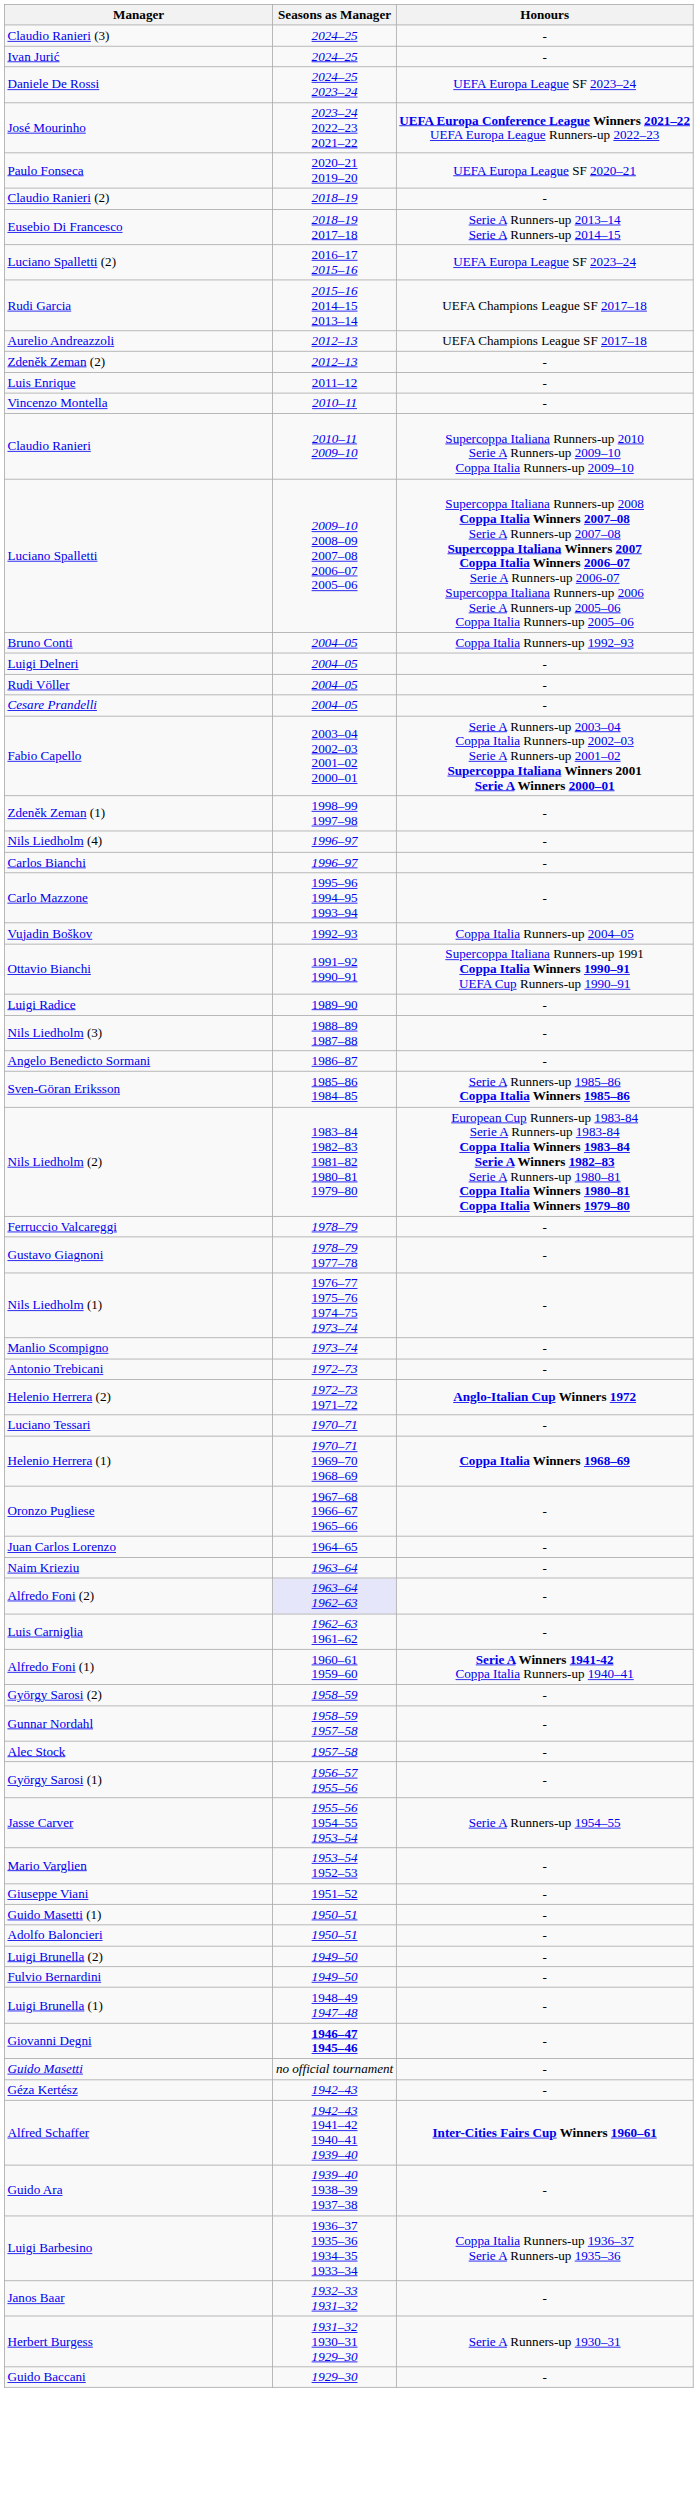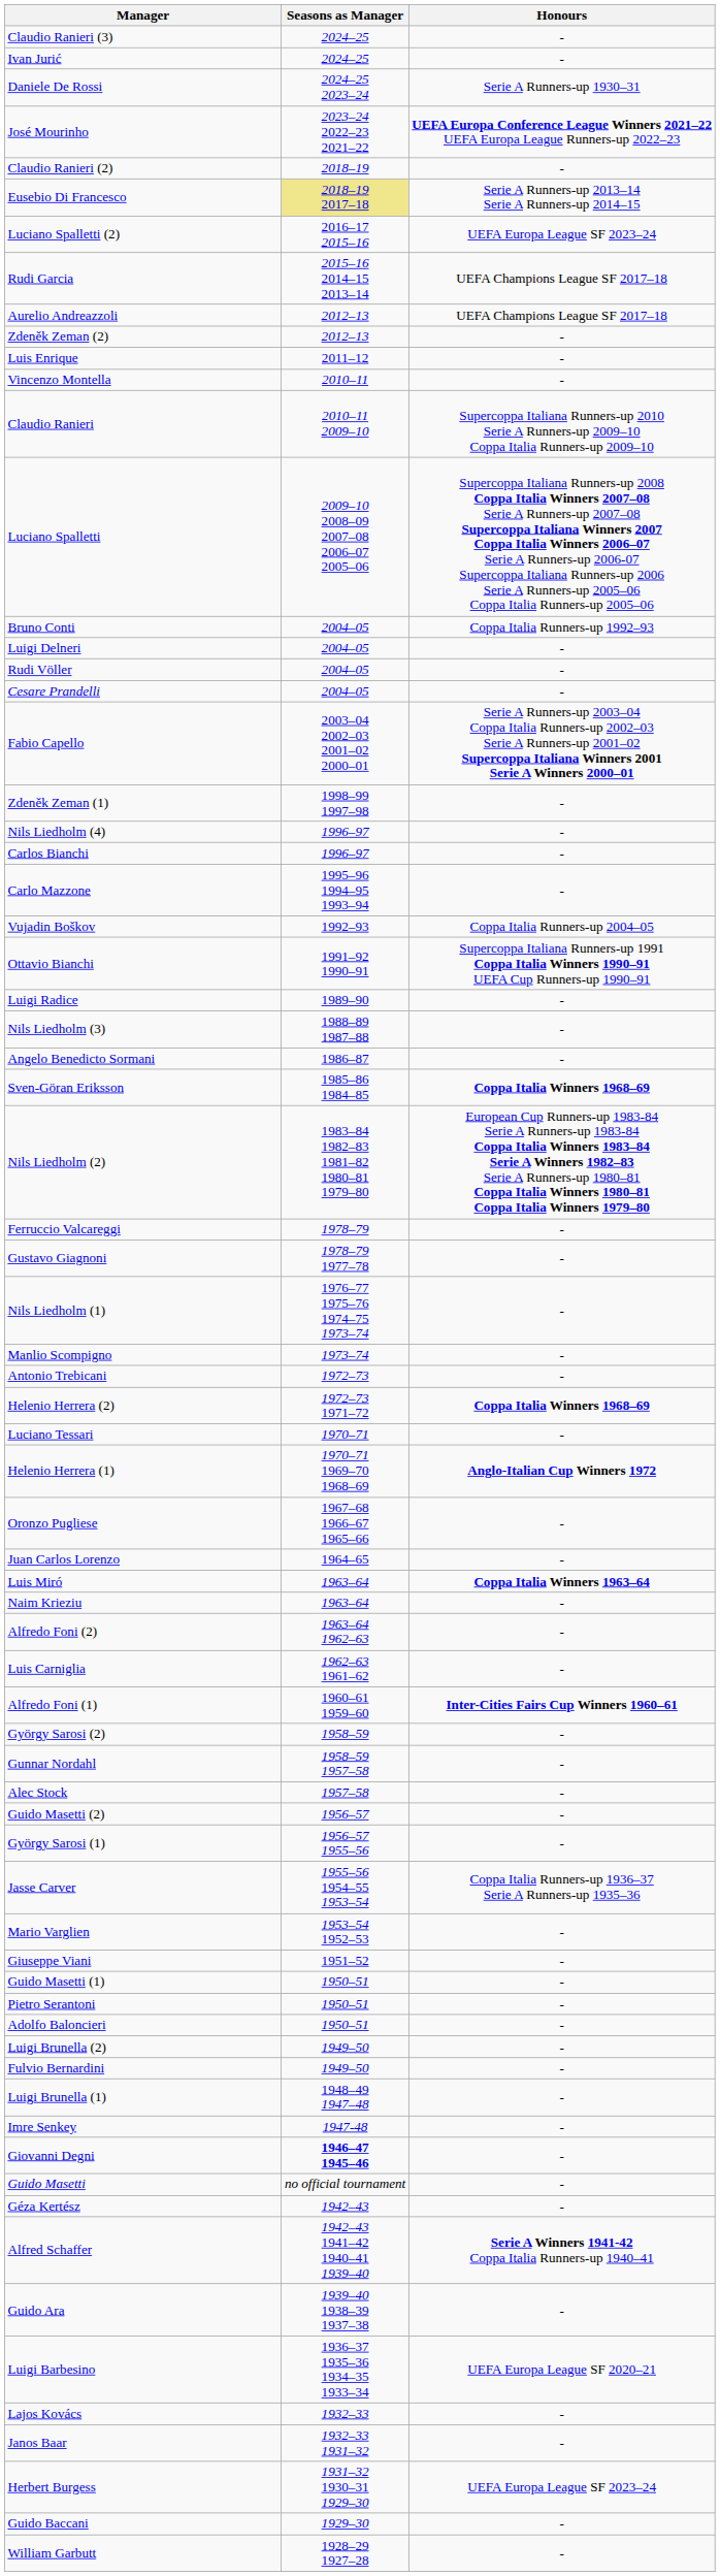 <table class="wikitable" style="text-align: center;">
 <tr>
 <th style="width:20em">Manager</th>
 <th>Seasons as Manager</th>
 <th>Honours</th>
 </tr>
 <tr>
 <td align="left"> <a href='#'>Claudio Ranieri</a> (3)</td>
 <td><em><a href='#'>2024–25</a></em></td>
 <td>-</td>
 </tr>
 <tr>
 <td align="left"> <a href='#'>Ivan Jurić</a></td>
 <td><em><a href='#'>2024–25</a></em></td>
 <td>-</td>
 </tr>
 <tr>
 <td align="left"> <a href='#'>Daniele De Rossi</a></td>
 <td><em><a href='#'>2024–25</a></em> <br> <em><a href='#'>2023–24</a></em></td>
-<td><a href='#'>UEFA Europa League</a> SF <a href='#'>2023–24</a></td>
+<td><a href='#'>Serie A</a> Runners-up <a href='#'>1930–31</a></td>
 </tr>
 <tr>
 <td align="left"> <a href='#'>José Mourinho</a></td>
 <td><em><a href='#'>2023–24</a></em> <br> <a href='#'>2022–23</a> <br> <a href='#'>2021–22</a></td>
 <td><strong><a href='#'>UEFA Europa Conference League</a> Winners <a href='#'>2021–22</a> <br></strong> <a href='#'>UEFA Europa League</a> Runners-up <a href='#'>2022–23</a></td>
-</tr>
-<tr>
-<td align="left"> <a href='#'>Paulo Fonseca</a></td>
-<td><a href='#'>2020–21</a> <br> <a href='#'>2019–20</a></td>
-<td><a href='#'>UEFA Europa League</a> SF <a href='#'>2020–21</a></td>
 </tr>
 <tr>
 <td align="left"> <a href='#'>Claudio Ranieri</a> (2)</td>
 <td><em><a href='#'>2018–19</a></em></td>
 <td>-</td>
 </tr>
 <tr>
 <td align="left"> <a href='#'>Eusebio Di Francesco</a></td>
-<td><em><a href='#'>2018–19</a></em> <br> <a href='#'>2017–18</a></td>
+<td style="background: khaki;"><em><a href='#'>2018–19</a></em> <br> <a href='#'>2017–18</a></td>
 <td><a href='#'>Serie A</a> Runners-up <a href='#'>2013–14</a> <br> <a href='#'>Serie A</a> Runners-up <a href='#'>2014–15</a></td>
 </tr>
 <tr>
 <td align="left"> <a href='#'>Luciano Spalletti</a> (2)</td>
 <td><a href='#'>2016–17</a> <br> <em><a href='#'>2015–16</a></em></td>
 <td><a href='#'>UEFA Europa League</a> SF <a href='#'>2023–24</a></td>
 </tr>
 <tr>
 <td align="left"> <a href='#'>Rudi Garcia</a></td>
 <td><em><a href='#'>2015–16</a></em> <br> <a href='#'>2014–15</a> <br> <a href='#'>2013–14</a></td>
 <td>UEFA Champions League SF <a href='#'>2017–18</a></td>
 </tr>
 <tr>
 <td align="left"> <a href='#'>Aurelio Andreazzoli</a></td>
 <td><em><a href='#'>2012–13</a></em></td>
 <td>UEFA Champions League SF <a href='#'>2017–18</a></td>
 </tr>
 <tr>
 <td align="left"> <a href='#'>Zdeněk Zeman</a> (2)</td>
 <td><em><a href='#'>2012–13</a></em></td>
 <td>-</td>
 </tr>
 <tr>
 <td align="left"> <a href='#'>Luis Enrique</a></td>
 <td><a href='#'>2011–12</a></td>
 <td>-</td>
 </tr>
 <tr>
 <td align="left"> <a href='#'>Vincenzo Montella</a></td>
 <td><em><a href='#'>2010–11</a></em></td>
 <td>-</td>
 </tr>
 <tr>
 <td align="left"> <a href='#'>Claudio Ranieri</a></td>
 <td><em><a href='#'>2010–11</a></em>  <br> <em><a href='#'>2009–10</a></em></td>
 <td><br><a href='#'>Supercoppa Italiana</a> Runners-up <a href='#'>2010</a> <br> <a href='#'>Serie A</a> Runners-up <a href='#'>2009–10</a> <br> <a href='#'>Coppa Italia</a> Runners-up <a href='#'>2009–10</a></td>
 </tr>
 <tr>
 <td align="left"> <a href='#'>Luciano Spalletti</a></td>
 <td><em><a href='#'>2009–10</a></em> <br> <a href='#'>2008–09</a> <br> <a href='#'>2007–08</a> <br> <a href='#'>2006–07</a> <br> <a href='#'>2005–06</a></td>
 <td><br><a href='#'>Supercoppa Italiana</a> Runners-up <a href='#'>2008</a> <br>  <strong><a href='#'>Coppa Italia</a> Winners <a href='#'>2007–08</a></strong> <br> <a href='#'>Serie A</a> Runners-up <a href='#'>2007–08</a> <br> <strong><a href='#'>Supercoppa Italiana</a> Winners <a href='#'>2007</a></strong> <br> <strong><a href='#'>Coppa Italia</a> Winners <a href='#'>2006–07</a></strong> <br> <a href='#'>Serie A</a> Runners-up <a href='#'>2006-07</a> <br> <a href='#'>Supercoppa Italiana</a> Runners-up <a href='#'>2006</a> <br> <a href='#'>Serie A</a> Runners-up <a href='#'>2005–06</a> <br> <a href='#'>Coppa Italia</a> Runners-up <a href='#'>2005–06</a></td>
 </tr>
 <tr>
 <td align="left"> <a href='#'>Bruno Conti</a></td>
 <td><em><a href='#'>2004–05</a></em></td>
 <td><a href='#'>Coppa Italia</a> Runners-up <a href='#'>1992–93</a></td>
 </tr>
 <tr>
 <td align="left"> <a href='#'>Luigi Delneri</a></td>
 <td><em><a href='#'>2004–05</a></em></td>
 <td>-</td>
 </tr>
 <tr>
 <td align="left"> <a href='#'>Rudi Völler</a></td>
 <td><em><a href='#'>2004–05</a></em></td>
 <td>-</td>
 </tr>
 <tr>
 <td align="left"> <em><a href='#'>Cesare Prandelli</a></em></td>
 <td><em><a href='#'>2004–05</a></em></td>
 <td>-</td>
 </tr>
 <tr>
 <td align="left"> <a href='#'>Fabio Capello</a></td>
 <td><a href='#'>2003–04</a> <br> <a href='#'>2002–03</a> <br> <a href='#'>2001–02</a> <br> <a href='#'>2000–01</a> <br> </td>
 <td><a href='#'>Serie A</a> Runners-up <a href='#'>2003–04</a><br><a href='#'>Coppa Italia</a> Runners-up <a href='#'>2002–03</a><br><a href='#'>Serie A</a> Runners-up <a href='#'>2001–02</a><br><strong><a href='#'>Supercoppa Italiana</a> Winners 2001</strong><br> <strong><a href='#'>Serie A</a> Winners <a href='#'>2000–01</a></strong></td>
 </tr>
 <tr>
 <td align="left"> <a href='#'>Zdeněk Zeman</a> (1)</td>
 <td><a href='#'>1998–99</a> <br> <a href='#'>1997–98</a></td>
 <td>-</td>
 </tr>
 <tr>
 <td align="left"> <a href='#'>Nils Liedholm</a> (4)</td>
 <td><em><a href='#'>1996–97</a></em></td>
 <td>-</td>
 </tr>
 <tr>
 <td align="left"> <a href='#'>Carlos Bianchi</a></td>
 <td><em><a href='#'>1996–97</a></em></td>
 <td>-</td>
 </tr>
 <tr>
 <td align="left"> <a href='#'>Carlo Mazzone</a></td>
 <td><a href='#'>1995–96</a> <br> <a href='#'>1994–95</a> <br> <a href='#'>1993–94</a></td>
 <td>-</td>
 </tr>
 <tr>
 <td align="left"> <a href='#'>Vujadin Boškov</a></td>
 <td><a href='#'>1992–93</a></td>
 <td><a href='#'>Coppa Italia</a> Runners-up <a href='#'>2004–05</a></td>
 </tr>
 <tr>
 <td align="left"> <a href='#'>Ottavio Bianchi</a></td>
 <td><a href='#'>1991–92</a> <br> <a href='#'>1990–91</a></td>
 <td><a href='#'>Supercoppa Italiana</a> Runners-up 1991<br><strong><a href='#'>Coppa Italia</a> Winners <a href='#'>1990–91</a></strong><br> <a href='#'>UEFA Cup</a> Runners-up <a href='#'>1990–91</a></td>
 </tr>
 <tr>
 <td align="left"> <a href='#'>Luigi Radice</a></td>
 <td><a href='#'>1989–90</a></td>
 <td>-</td>
 </tr>
 <tr>
 <td align="left"> <a href='#'>Nils Liedholm</a> (3)</td>
 <td><a href='#'>1988–89</a> <br> <a href='#'>1987–88</a></td>
 <td>-</td>
 </tr>
 <tr>
 <td align="left"> <a href='#'>Angelo Benedicto Sormani</a></td>
 <td><a href='#'>1986–87</a></td>
 <td>-</td>
 </tr>
 <tr>
 <td align="left"> <a href='#'>Sven-Göran Eriksson</a></td>
 <td><a href='#'>1985–86</a> <br> <a href='#'>1984–85</a></td>
-<td><a href='#'>Serie A</a> Runners-up <a href='#'>1985–86</a> <br> <strong><a href='#'>Coppa Italia</a> Winners <a href='#'>1985–86</a></strong></td>
+<td><strong><a href='#'>Coppa Italia</a> Winners <a href='#'>1968–69</a></strong></td>
 </tr>
 <tr>
 <td align="left"> <a href='#'>Nils Liedholm</a> (2)</td>
 <td><a href='#'>1983–84</a> <br> <a href='#'>1982–83</a> <br> <a href='#'>1981–82</a> <br> <a href='#'>1980–81</a> <br> <a href='#'>1979–80</a></td>
 <td><a href='#'>European Cup</a> Runners-up <a href='#'>1983-84</a> <br> <a href='#'>Serie A</a> Runners-up <a href='#'>1983-84</a> <br> <strong><a href='#'>Coppa Italia</a> Winners <a href='#'>1983–84</a></strong> <br> <strong><a href='#'>Serie A</a> Winners <a href='#'>1982–83</a></strong> <br> <a href='#'>Serie A</a> Runners-up <a href='#'>1980–81</a> <br> <strong><a href='#'>Coppa Italia</a> Winners <a href='#'>1980–81</a></strong> <br> <strong><a href='#'>Coppa Italia</a> Winners <a href='#'>1979–80</a></strong></td>
 </tr>
 <tr>
 <td align="left"> <a href='#'>Ferruccio Valcareggi</a></td>
 <td><em><a href='#'>1978–79</a></em></td>
 <td>-</td>
 </tr>
 <tr>
 <td align="left"> <a href='#'>Gustavo Giagnoni</a></td>
 <td><em><a href='#'>1978–79</a></em> <br> <a href='#'>1977–78</a></td>
 <td>-</td>
 </tr>
 <tr>
 <td align="left"> <a href='#'>Nils Liedholm</a> (1)</td>
 <td><a href='#'>1976–77</a> <br> <a href='#'>1975–76</a> <br> <a href='#'>1974–75</a> <br> <em><a href='#'>1973–74</a></em></td>
 <td>-</td>
 </tr>
 <tr>
 <td align="left"> <a href='#'>Manlio Scompigno</a></td>
 <td><em><a href='#'>1973–74</a></em></td>
 <td>-</td>
 </tr>
 <tr>
 <td align="left"> <a href='#'>Antonio Trebicani</a></td>
 <td><em><a href='#'>1972–73</a></em></td>
 <td>-</td>
 </tr>
 <tr>
 <td align="left"> <a href='#'>Helenio Herrera</a> (2)</td>
 <td><em><a href='#'>1972–73</a></em> <br> <a href='#'>1971–72</a></td>
-<td><strong><a href='#'>Anglo-Italian Cup</a> Winners <a href='#'>1972</a></strong></td>
+<td><strong><a href='#'>Coppa Italia</a> Winners <a href='#'>1968–69</a></strong></td>
 </tr>
 <tr>
 <td align="left"> <a href='#'>Luciano Tessari</a></td>
 <td><em><a href='#'>1970–71</a></em></td>
 <td>-</td>
 </tr>
 <tr>
 <td align="left"> <a href='#'>Helenio Herrera</a> (1)</td>
 <td><em><a href='#'>1970–71</a></em> <br> <a href='#'>1969–70</a> <br> <a href='#'>1968–69</a></td>
-<td><strong><a href='#'>Coppa Italia</a> Winners <a href='#'>1968–69</a></strong></td>
+<td><strong><a href='#'>Anglo-Italian Cup</a> Winners <a href='#'>1972</a></strong></td>
 </tr>
 <tr>
 <td align="left"> <a href='#'>Oronzo Pugliese</a></td>
 <td><a href='#'>1967–68</a> <br> <a href='#'>1966–67</a> <br> <a href='#'>1965–66</a></td>
 <td>-</td>
 </tr>
 <tr>
 <td align="left"> <a href='#'>Juan Carlos Lorenzo</a></td>
 <td><a href='#'>1964–65</a></td>
 <td>-</td>
 </tr>
 <tr>
+<td align="left"> <a href='#'>Luis Miró</a></td>
+<td><em><a href='#'>1963–64</a></em></td>
+<td><strong><a href='#'>Coppa Italia</a> Winners <a href='#'>1963–64</a></strong></td>
+</tr>
+<tr>
 <td align="left"> <a href='#'>Naim Krieziu</a></td>
 <td><em><a href='#'>1963–64</a></em></td>
 <td>-</td>
 </tr>
 <tr>
 <td align="left"> <a href='#'>Alfredo Foni</a> (2)</td>
-<td style="background: lavender;"><em><a href='#'>1963–64</a></em> <br> <em><a href='#'>1962–63</a></em></td>
+<td><em><a href='#'>1963–64</a></em> <br> <em><a href='#'>1962–63</a></em></td>
 <td>-</td>
 </tr>
 <tr>
 <td align="left"> <a href='#'>Luis Carniglia</a></td>
 <td><em><a href='#'>1962–63</a></em> <br> <a href='#'>1961–62</a></td>
 <td>-</td>
 </tr>
 <tr>
 <td align="left"> <a href='#'>Alfredo Foni</a> (1)</td>
 <td><a href='#'>1960–61</a> <br> <a href='#'>1959–60</a></td>
-<td><strong><a href='#'>Serie A</a> Winners <a href='#'>1941-42</a></strong> <br> <a href='#'>Coppa Italia</a> Runners-up <a href='#'>1940–41</a></td>
+<td><strong><a href='#'>Inter-Cities Fairs Cup</a> Winners <a href='#'>1960–61</a></strong></td>
 </tr>
 <tr>
 <td align="left"> <a href='#'>György Sarosi</a> (2)</td>
 <td><em><a href='#'>1958–59</a></em></td>
 <td>-</td>
 </tr>
 <tr>
 <td align="left"> <a href='#'>Gunnar Nordahl</a></td>
 <td><em><a href='#'>1958–59</a></em> <br> <em><a href='#'>1957–58</a></em></td>
 <td>-</td>
 </tr>
 <tr>
 <td align="left"> <a href='#'>Alec Stock</a></td>
 <td><em><a href='#'>1957–58</a></em></td>
 <td>-</td>
 </tr>
 <tr>
+<td align="left"> <a href='#'>Guido Masetti</a> (2)</td>
+<td><em><a href='#'>1956–57</a></em></td>
+<td>-</td>
+</tr>
+<tr>
 <td align="left"> <a href='#'>György Sarosi</a> (1)</td>
 <td><em><a href='#'>1956–57</a></em> <br> <em><a href='#'>1955–56</a></em></td>
 <td>-</td>
 </tr>
 <tr>
 <td align="left"> <a href='#'>Jasse Carver</a></td>
 <td><em><a href='#'>1955–56</a></em> <br> <a href='#'>1954–55</a> <br> <em><a href='#'>1953–54</a></em></td>
-<td><a href='#'>Serie A</a> Runners-up <a href='#'>1954–55</a></td>
+<td><a href='#'>Coppa Italia</a> Runners-up <a href='#'>1936–37</a> <br> <a href='#'>Serie A</a> Runners-up <a href='#'>1935–36</a></td>
 </tr>
 <tr>
 <td align="left"> <a href='#'>Mario Varglien</a></td>
 <td><em><a href='#'>1953–54</a></em> <br> <a href='#'>1952–53</a></td>
 <td>-</td>
 </tr>
 <tr>
 <td align="left"> <a href='#'>Giuseppe Viani</a></td>
 <td><a href='#'>1951–52</a></td>
 <td>-</td>
 </tr>
 <tr>
 <td align="left"> <a href='#'>Guido Masetti</a> (1)</td>
+<td><em><a href='#'>1950–51</a></em></td>
+<td>-</td>
+</tr>
+<tr>
+<td align="left"> <a href='#'>Pietro Serantoni</a></td>
 <td><em><a href='#'>1950–51</a></em></td>
 <td>-</td>
 </tr>
 <tr>
 <td align="left"> <a href='#'>Adolfo Baloncieri</a></td>
 <td><em><a href='#'>1950–51</a></em></td>
 <td>-</td>
 </tr>
 <tr>
 <td align="left"> <a href='#'>Luigi Brunella</a> (2)</td>
 <td><em><a href='#'>1949–50</a></em></td>
 <td>-</td>
 </tr>
 <tr>
 <td align="left"> <a href='#'>Fulvio Bernardini</a></td>
 <td><em><a href='#'>1949–50</a></em></td>
 <td>-</td>
 </tr>
 <tr>
 <td align="left"> <a href='#'>Luigi Brunella</a> (1)</td>
 <td><a href='#'>1948–49</a> <br> <em><a href='#'>1947–48</a></em></td>
 <td>-</td>
 </tr>
 <tr>
+<td align="left"> <a href='#'>Imre Senkey</a></td>
+<td><em><a href='#'>1947-48</a></em></td>
+<td>-</td>
+</tr>
+<tr>
 <td align="left"> <a href='#'>Giovanni Degni</a></td>
 <td><strong><a href='#'>1946–47</a> <br> <a href='#'>1945–46</a></strong></td>
 <td>-</td>
 </tr>
 <tr>
 <td align="left"> <em><a href='#'>Guido Masetti</a></em></td>
 <td><em>no official tournament</em></td>
 <td>-</td>
 </tr>
 <tr>
 <td align="left"> <a href='#'>Géza Kertész</a></td>
 <td><em><a href='#'>1942–43</a></em></td>
 <td>-</td>
 </tr>
 <tr>
 <td align="left"> <a href='#'>Alfred Schaffer</a></td>
 <td><em><a href='#'>1942–43</a></em> <br> <a href='#'>1941–42</a> <br> <a href='#'>1940–41</a> <br> <em><a href='#'>1939–40</a></em></td>
-<td><strong><a href='#'>Inter-Cities Fairs Cup</a> Winners <a href='#'>1960–61</a></strong></td>
+<td><strong><a href='#'>Serie A</a> Winners <a href='#'>1941-42</a></strong> <br> <a href='#'>Coppa Italia</a> Runners-up <a href='#'>1940–41</a></td>
 </tr>
 <tr>
 <td align="left"> <a href='#'>Guido Ara</a></td>
 <td><em><a href='#'>1939–40</a></em> <br> <a href='#'>1938–39</a> <br> <a href='#'>1937–38</a></td>
 <td>-</td>
 </tr>
 <tr>
 <td align="left"> <a href='#'>Luigi Barbesino</a></td>
 <td><a href='#'>1936–37</a> <br> <a href='#'>1935–36</a> <br> <a href='#'>1934–35</a> <br> <a href='#'>1933–34</a></td>
-<td><a href='#'>Coppa Italia</a> Runners-up <a href='#'>1936–37</a> <br> <a href='#'>Serie A</a> Runners-up <a href='#'>1935–36</a></td>
+<td><a href='#'>UEFA Europa League</a> SF <a href='#'>2020–21</a></td>
+</tr>
+<tr>
+<td align="left"> <a href='#'>Lajos Kovács</a></td>
+<td><em><a href='#'>1932–33</a></em></td>
+<td>-</td>
 </tr>
 <tr>
 <td align="left"> <a href='#'>Janos Baar</a></td>
 <td><em><a href='#'>1932–33</a></em> <br> <em><a href='#'>1931–32</a></em></td>
 <td>-</td>
 </tr>
 <tr>
 <td align="left"> <a href='#'>Herbert Burgess</a></td>
 <td><em><a href='#'>1931–32</a></em> <br> <a href='#'>1930–31</a> <br> <em><a href='#'>1929–30</a></em></td>
-<td><a href='#'>Serie A</a> Runners-up <a href='#'>1930–31</a></td>
+<td><a href='#'>UEFA Europa League</a> SF <a href='#'>2023–24</a></td>
 </tr>
 <tr>
 <td align="left"> <a href='#'>Guido Baccani</a></td>
 <td><em><a href='#'>1929–30</a></em></td>
 <td>-</td>
 </tr>
+<tr>
+<td align="left"> <a href='#'>William Garbutt</a></td>
+<td><a href='#'>1928–29</a> <br> <a href='#'>1927–28</a></td>
+<td>-</td>
+</tr>
 </table>
